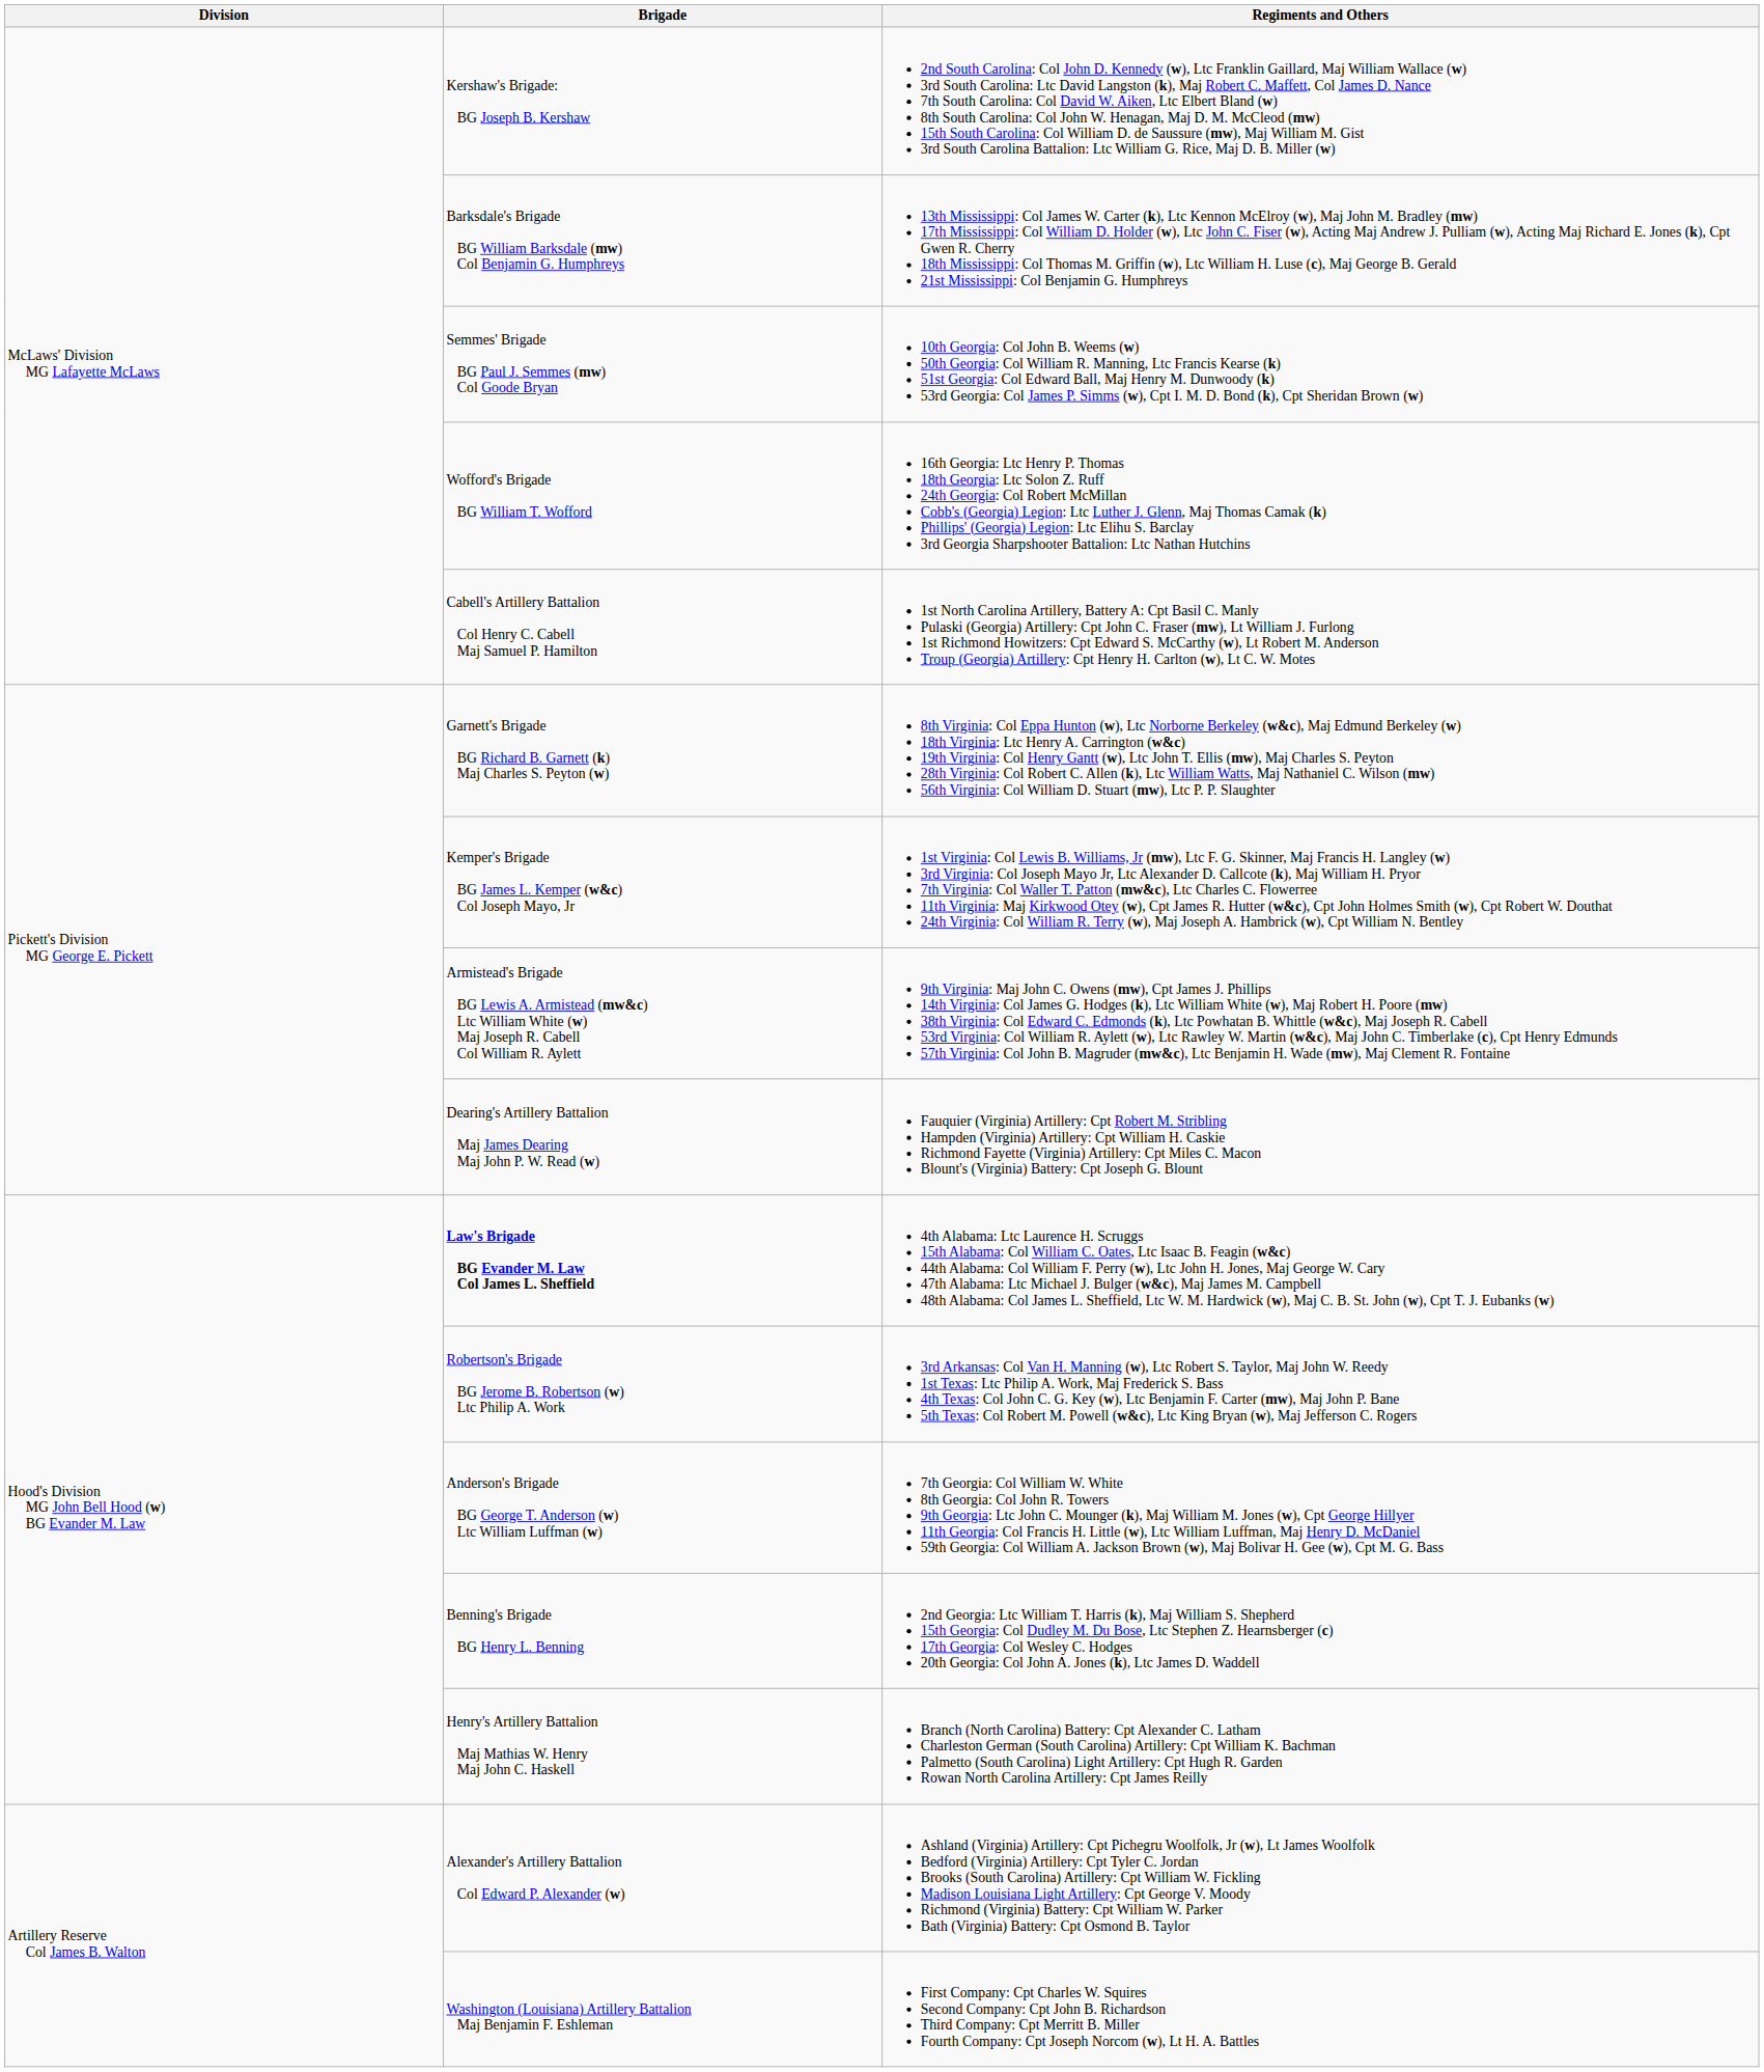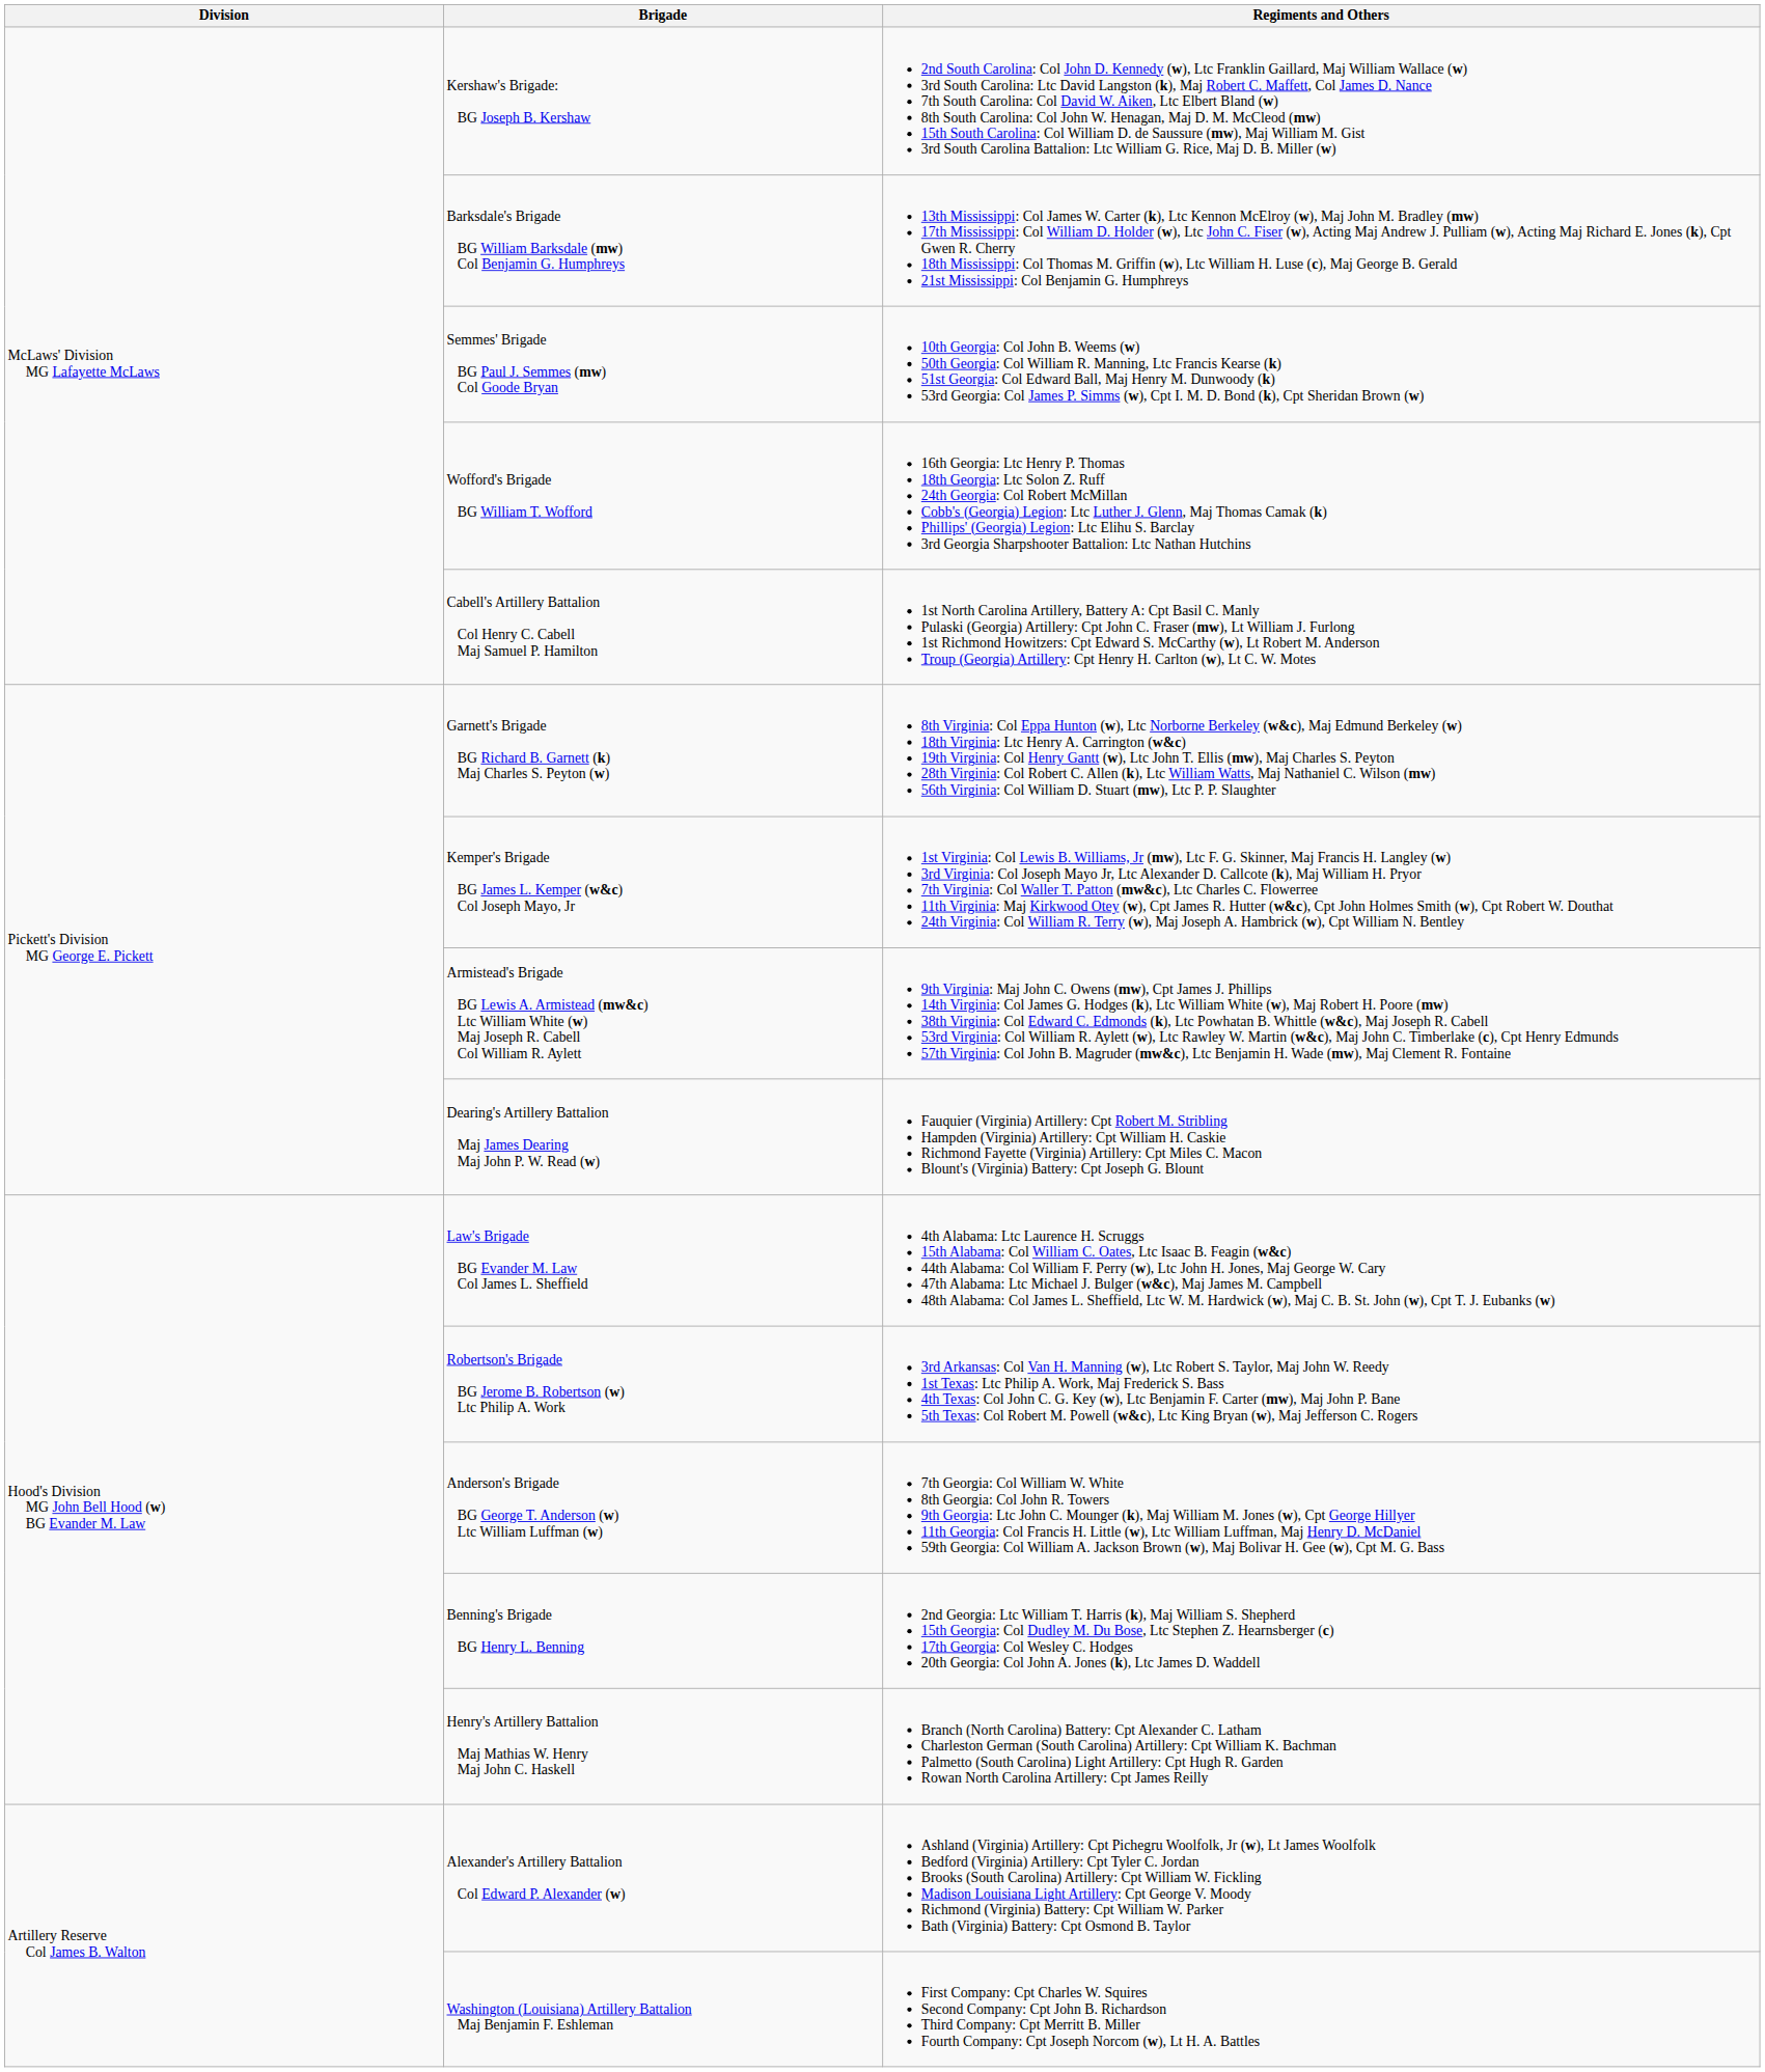 <table class="wikitable">
 <tr>
 <th style="width:25%;">Division</th>
 <th style="width:25%;">Brigade</th>
 <th>Regiments and Others</th>
 </tr>
 <tr>
 <td rowspan=5><br>McLaws' Division <br>     MG <a href='#'>Lafayette McLaws</a></td>
 <td>Kershaw's Brigade:<br><br>   BG <a href='#'>Joseph B. Kershaw</a></td>
 <td><br><ul><li><a href='#'>2nd South Carolina</a>: Col <a href='#'>John D. Kennedy</a> (<strong>w</strong>), Ltc Franklin Gaillard, Maj William Wallace (<strong>w</strong>)</li><li>3rd South Carolina: Ltc David Langston (<strong>k</strong>), Maj <a href='#'>Robert C. Maffett</a>, Col <a href='#'>James D. Nance</a></li><li>7th South Carolina: Col <a href='#'>David W. Aiken</a>, Ltc Elbert Bland (<strong>w</strong>)</li><li>8th South Carolina: Col John W. Henagan, Maj D. M. McCleod (<strong>mw</strong>)</li><li><a href='#'>15th South Carolina</a>: Col William D. de Saussure (<strong>mw</strong>), Maj William M. Gist</li><li>3rd South Carolina Battalion: Ltc William G. Rice, Maj D. B. Miller (<strong>w</strong>)</li></ul></td>
 </tr>
 <tr>
 <td>Barksdale's Brigade<br><br>   BG <a href='#'>William Barksdale</a> (<strong>mw</strong>) <br>   Col <a href='#'>Benjamin G. Humphreys</a></td>
 <td><br><ul><li><a href='#'>13th Mississippi</a>: Col James W. Carter (<strong>k</strong>), Ltc Kennon McElroy (<strong>w</strong>), Maj John M. Bradley (<strong>mw</strong>)</li><li><a href='#'>17th Mississippi</a>: Col <a href='#'>William D. Holder</a> (<strong>w</strong>), Ltc <a href='#'>John C. Fiser</a> (<strong>w</strong>), Acting Maj Andrew J. Pulliam (<strong>w</strong>), Acting Maj Richard E. Jones (<strong>k</strong>), Cpt Gwen R. Cherry</li><li><a href='#'>18th Mississippi</a>: Col Thomas M. Griffin (<strong>w</strong>), Ltc William H. Luse (<strong>c</strong>), Maj George B. Gerald</li><li><a href='#'>21st Mississippi</a>: Col Benjamin G. Humphreys</li></ul></td>
 </tr>
 <tr>
 <td>Semmes' Brigade<br><br>   BG <a href='#'>Paul J. Semmes</a> (<strong>mw</strong>) <br>   Col <a href='#'>Goode Bryan</a></td>
 <td><br><ul><li><a href='#'>10th Georgia</a>: Col John B. Weems (<strong>w</strong>)</li><li><a href='#'>50th Georgia</a>: Col William R. Manning, Ltc Francis Kearse (<strong>k</strong>)</li><li><a href='#'>51st Georgia</a>: Col Edward Ball, Maj Henry M. Dunwoody (<strong>k</strong>)</li><li>53rd Georgia: Col <a href='#'>James P. Simms</a> (<strong>w</strong>), Cpt I. M. D. Bond (<strong>k</strong>), Cpt Sheridan Brown (<strong>w</strong>)</li></ul></td>
 </tr>
 <tr>
 <td>Wofford's Brigade<br><br>   BG <a href='#'>William T. Wofford</a></td>
 <td><br><ul><li>16th Georgia: Ltc Henry P. Thomas</li><li><a href='#'>18th Georgia</a>: Ltc Solon Z. Ruff</li><li><a href='#'>24th Georgia</a>: Col Robert McMillan</li><li><a href='#'>Cobb's (Georgia) Legion</a>: Ltc <a href='#'>Luther J. Glenn</a>, Maj Thomas Camak (<strong>k</strong>)</li><li><a href='#'>Phillips' (Georgia) Legion</a>: Ltc Elihu S. Barclay</li><li>3rd Georgia Sharpshooter Battalion: Ltc Nathan Hutchins</li></ul></td>
 </tr>
 <tr>
 <td>Cabell's Artillery Battalion<br><br>   Col Henry C. Cabell <br>   Maj Samuel P. Hamilton</td>
 <td><br><ul><li>1st North Carolina Artillery, Battery A: Cpt Basil C. Manly</li><li>Pulaski (Georgia) Artillery: Cpt John C. Fraser (<strong>mw</strong>), Lt William J. Furlong</li><li>1st Richmond Howitzers: Cpt Edward S. McCarthy (<strong>w</strong>), Lt Robert M. Anderson</li><li><a href='#'>Troup (Georgia) Artillery</a>: Cpt Henry H. Carlton (<strong>w</strong>), Lt C. W. Motes</li></ul></td>
 </tr>
 <tr>
 <td rowspan=4><br>Pickett's Division <br>     MG <a href='#'>George E. Pickett</a></td>
 <td>Garnett's Brigade<br><br>   BG <a href='#'>Richard B. Garnett</a> (<strong>k</strong>) <br>   Maj Charles S. Peyton (<strong>w</strong>)</td>
 <td><br><ul><li><a href='#'>8th Virginia</a>: Col <a href='#'>Eppa Hunton</a> (<strong>w</strong>), Ltc <a href='#'>Norborne Berkeley</a> (<strong>w&c</strong>), Maj Edmund Berkeley (<strong>w</strong>)</li><li><a href='#'>18th Virginia</a>: Ltc Henry A. Carrington (<strong>w&c</strong>)</li><li><a href='#'>19th Virginia</a>: Col <a href='#'>Henry Gantt</a> (<strong>w</strong>), Ltc John T. Ellis (<strong>mw</strong>), Maj Charles S. Peyton</li><li><a href='#'>28th Virginia</a>: Col Robert C. Allen (<strong>k</strong>), Ltc <a href='#'>William Watts</a>, Maj Nathaniel C. Wilson (<strong>mw</strong>)</li><li><a href='#'>56th Virginia</a>: Col William D. Stuart (<strong>mw</strong>), Ltc P. P. Slaughter</li></ul></td>
 </tr>
 <tr>
 <td>Kemper's Brigade<br><br>   BG <a href='#'>James L. Kemper</a> (<strong>w&c</strong>) <br>   Col Joseph Mayo, Jr</td>
 <td><br><ul><li><a href='#'>1st Virginia</a>: Col <a href='#'>Lewis B. Williams, Jr</a> (<strong>mw</strong>), Ltc F. G. Skinner, Maj Francis H. Langley (<strong>w</strong>)</li><li><a href='#'>3rd Virginia</a>: Col Joseph Mayo Jr, Ltc Alexander D. Callcote (<strong>k</strong>), Maj William H. Pryor</li><li><a href='#'>7th Virginia</a>: Col <a href='#'>Waller T. Patton</a> (<strong>mw&c</strong>), Ltc Charles C. Flowerree</li><li><a href='#'>11th Virginia</a>: Maj <a href='#'>Kirkwood Otey</a> (<strong>w</strong>), Cpt James R. Hutter (<strong>w&c</strong>), Cpt John Holmes Smith (<strong>w</strong>), Cpt Robert W. Douthat</li><li><a href='#'>24th Virginia</a>: Col <a href='#'>William R. Terry</a> (<strong>w</strong>), Maj Joseph A. Hambrick (<strong>w</strong>), Cpt William N. Bentley</li></ul></td>
 </tr>
 <tr>
 <td>Armistead's Brigade<br><br>   BG <a href='#'>Lewis A. Armistead</a> (<strong>mw&c</strong>) <br>   Ltc William White (<strong>w</strong>) <br>   Maj Joseph R. Cabell <br>   Col William R. Aylett </td>
 <td><br><ul><li><a href='#'>9th Virginia</a>: Maj John C. Owens (<strong>mw</strong>), Cpt James J. Phillips</li><li><a href='#'>14th Virginia</a>: Col James G. Hodges (<strong>k</strong>), Ltc William White (<strong>w</strong>), Maj Robert H. Poore (<strong>mw</strong>)</li><li><a href='#'>38th Virginia</a>: Col <a href='#'>Edward C. Edmonds</a> (<strong>k</strong>), Ltc Powhatan B. Whittle (<strong>w&c</strong>), Maj Joseph R. Cabell</li><li><a href='#'>53rd Virginia</a>: Col William R. Aylett (<strong>w</strong>), Ltc Rawley W. Martin (<strong>w&c</strong>), Maj John C. Timberlake (<strong>c</strong>), Cpt Henry Edmunds</li><li><a href='#'>57th Virginia</a>: Col John B. Magruder (<strong>mw&c</strong>), Ltc Benjamin H. Wade (<strong>mw</strong>), Maj Clement R. Fontaine</li></ul></td>
 </tr>
 <tr>
 <td>Dearing's Artillery Battalion<br><br>   Maj <a href='#'>James Dearing</a> <br>   Maj John P. W. Read (<strong>w</strong>)</td>
 <td><br><ul><li>Fauquier (Virginia) Artillery: Cpt <a href='#'>Robert M. Stribling</a></li><li>Hampden (Virginia) Artillery: Cpt William H. Caskie</li><li>Richmond Fayette (Virginia) Artillery: Cpt Miles C. Macon</li><li>Blount's (Virginia) Battery: Cpt Joseph G. Blount</li></ul></td>
 </tr>
 <tr>
 <td rowspan=5><br>Hood's Division <br>     MG <a href='#'>John Bell Hood</a> (<strong>w</strong>) <br>     BG <a href='#'>Evander M. Law</a></td>
-<td><strong><a href='#'>Law's Brigade</a><br><br>   BG <a href='#'>Evander M. Law</a> <br>   Col James L. Sheffield</strong></td>
+<td><a href='#'>Law's Brigade</a><br><br>   BG <a href='#'>Evander M. Law</a> <br>   Col James L. Sheffield</td>
 <td><br><ul><li>4th Alabama: Ltc Laurence H. Scruggs</li><li><a href='#'>15th Alabama</a>: Col <a href='#'>William C. Oates</a>, Ltc Isaac B. Feagin (<strong>w&c</strong>)</li><li>44th Alabama: Col William F. Perry (<strong>w</strong>), Ltc John H. Jones, Maj George W. Cary</li><li>47th Alabama: Ltc Michael J. Bulger (<strong>w&c</strong>), Maj James M. Campbell</li><li>48th Alabama: Col James L. Sheffield, Ltc W. M. Hardwick (<strong>w</strong>), Maj C. B. St. John (<strong>w</strong>), Cpt T. J. Eubanks (<strong>w</strong>)</li></ul></td>
 </tr>
 <tr>
 <td><a href='#'>Robertson's Brigade</a><br><br>   BG <a href='#'>Jerome B. Robertson</a> (<strong>w</strong>) <br>   Ltc Philip A. Work</td>
 <td><br><ul><li><a href='#'>3rd Arkansas</a>: Col <a href='#'>Van H. Manning</a> (<strong>w</strong>), Ltc Robert S. Taylor, Maj John W. Reedy</li><li><a href='#'>1st Texas</a>: Ltc Philip A. Work, Maj Frederick S. Bass</li><li><a href='#'>4th Texas</a>: Col John C. G. Key (<strong>w</strong>), Ltc Benjamin F. Carter (<strong>mw</strong>), Maj John P. Bane</li><li><a href='#'>5th Texas</a>: Col Robert M. Powell (<strong>w&c</strong>), Ltc King Bryan (<strong>w</strong>), Maj Jefferson C. Rogers</li></ul></td>
 </tr>
 <tr>
 <td>Anderson's Brigade<br><br>   BG <a href='#'>George T. Anderson</a> (<strong>w</strong>) <br>   Ltc William Luffman (<strong>w</strong>)</td>
 <td><br><ul><li>7th Georgia: Col William W. White</li><li>8th Georgia: Col John R. Towers</li><li><a href='#'>9th Georgia</a>: Ltc John C. Mounger (<strong>k</strong>), Maj William M. Jones (<strong>w</strong>), Cpt <a href='#'>George Hillyer</a></li><li><a href='#'>11th Georgia</a>: Col Francis H. Little (<strong>w</strong>), Ltc William Luffman, Maj <a href='#'>Henry D. McDaniel</a></li><li>59th Georgia: Col William A. Jackson Brown (<strong>w</strong>), Maj Bolivar H. Gee (<strong>w</strong>), Cpt M. G. Bass</li></ul></td>
 </tr>
 <tr>
 <td>Benning's Brigade<br><br>   BG <a href='#'>Henry L. Benning</a></td>
 <td><br><ul><li>2nd Georgia: Ltc William T. Harris (<strong>k</strong>), Maj William S. Shepherd</li><li><a href='#'>15th Georgia</a>: Col <a href='#'>Dudley M. Du Bose</a>, Ltc Stephen Z. Hearnsberger (<strong>c</strong>)</li><li><a href='#'>17th Georgia</a>: Col Wesley C. Hodges</li><li>20th Georgia: Col John A. Jones (<strong>k</strong>), Ltc James D. Waddell</li></ul></td>
 </tr>
 <tr>
 <td>Henry's Artillery Battalion<br><br>   Maj Mathias W. Henry <br>   Maj John C. Haskell</td>
 <td><br><ul><li>Branch (North Carolina) Battery: Cpt Alexander C. Latham</li><li>Charleston German (South Carolina) Artillery: Cpt William K. Bachman</li><li>Palmetto (South Carolina) Light Artillery: Cpt Hugh R. Garden</li><li>Rowan North Carolina Artillery: Cpt James Reilly</li></ul></td>
 </tr>
 <tr>
 <td rowspan=2><br>Artillery Reserve <br>     Col <a href='#'>James B. Walton</a></td>
 <td>Alexander's Artillery Battalion<br><br>   Col <a href='#'>Edward P. Alexander</a> (<strong>w</strong>)</td>
 <td><br><ul><li>Ashland (Virginia) Artillery: Cpt Pichegru Woolfolk, Jr (<strong>w</strong>), Lt James Woolfolk</li><li>Bedford (Virginia) Artillery: Cpt Tyler C. Jordan</li><li>Brooks (South Carolina) Artillery: Cpt William W. Fickling</li><li><a href='#'>Madison Louisiana Light Artillery</a>: Cpt George V. Moody</li><li>Richmond (Virginia) Battery: Cpt William W. Parker</li><li>Bath (Virginia) Battery: Cpt Osmond B. Taylor</li></ul></td>
 </tr>
 <tr>
 <td><br><a href='#'>Washington (Louisiana) Artillery Battalion</a> <br>   Maj Benjamin F. Eshleman</td>
 <td><br><ul><li>First Company: Cpt Charles W. Squires</li><li>Second Company: Cpt John B. Richardson</li><li>Third Company: Cpt Merritt B. Miller</li><li>Fourth Company: Cpt Joseph Norcom (<strong>w</strong>), Lt H. A. Battles</li></ul></td>
 </tr>
 </table>
